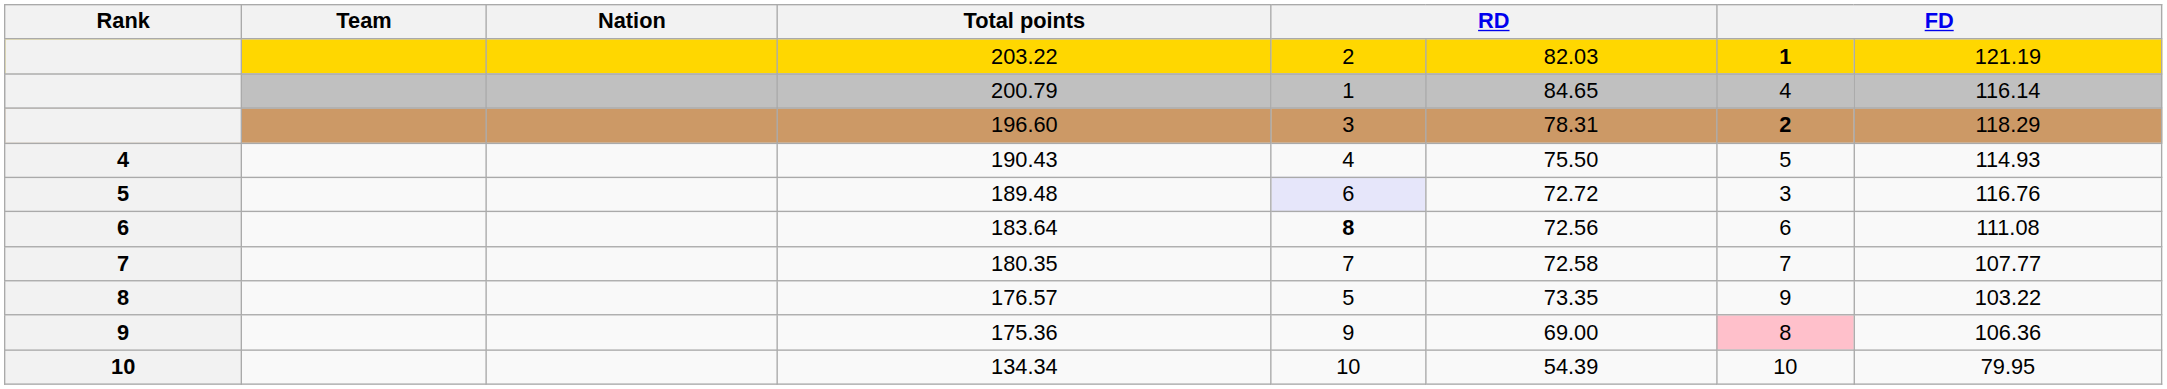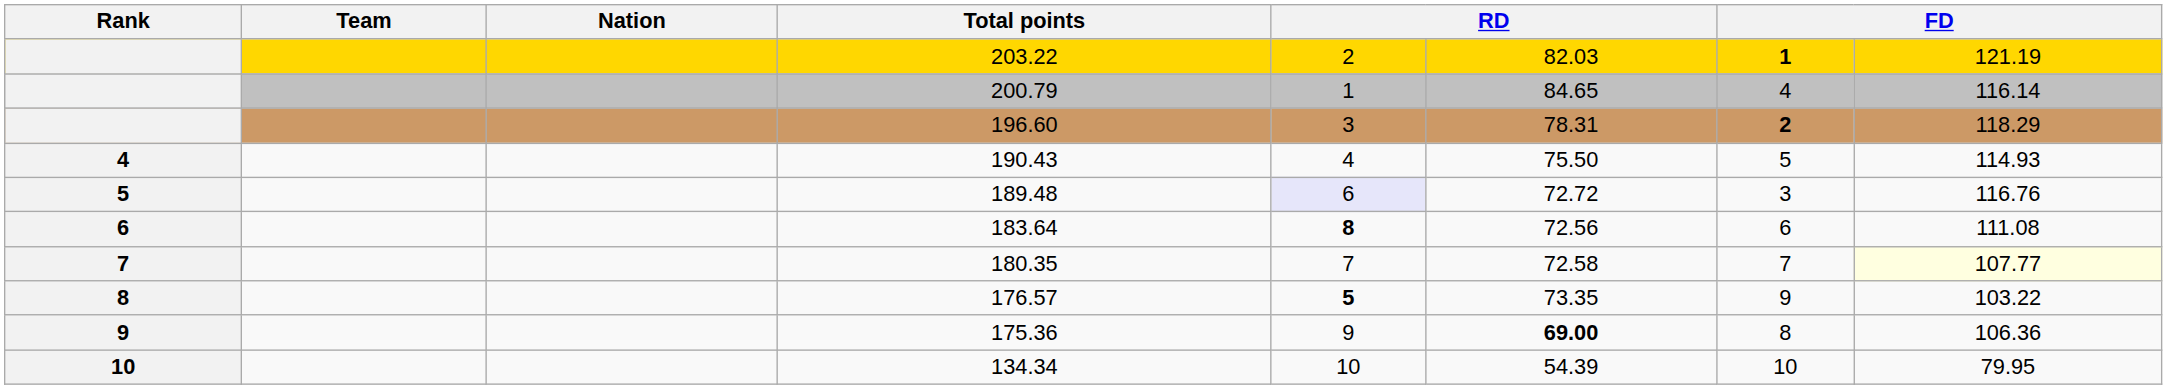 <table class="wikitable sortable" style="text-align:center;" width="80%">
 <tr>
 <th scope="col">Rank</th>
 <th scope="col">Team</th>
 <th scope="col">Nation</th>
 <th scope="col">Total points</th>
 <th scope="col" colspan="2" width="80px"><a href='#'>RD</a></th>
 <th scope="col" colspan="2" width="80px"><a href='#'>FD</a></th>
 </tr>
 <tr bgcolor="gold">
 <th scope="row"></th>
 <td align="left"></td>
 <td align="left"></td>
 <td>203.22</td>
 <td>2</td>
 <td>82.03</td>
 <td><strong>1</strong></td>
 <td>121.19</td>
 </tr>
 <tr bgcolor="silver">
 <th scope="row"></th>
 <td align="left"></td>
 <td align="left"></td>
 <td>200.79</td>
 <td>1</td>
 <td>84.65</td>
 <td>4</td>
 <td>116.14</td>
 </tr>
 <tr bgcolor="cc9966">
 <th scope="row"></th>
 <td align="left"></td>
 <td align="left"></td>
 <td>196.60</td>
 <td>3</td>
 <td>78.31</td>
 <td><strong>2</strong></td>
 <td>118.29</td>
 </tr>
 <tr>
 <th scope="row">4</th>
 <td align="left"></td>
 <td align="left"></td>
 <td>190.43</td>
 <td>4</td>
 <td>75.50</td>
 <td>5</td>
 <td>114.93</td>
 </tr>
 <tr>
 <th scope="row">5</th>
 <td align="left"></td>
 <td align="left"></td>
 <td>189.48</td>
 <td style="background: lavender;">6</td>
 <td>72.72</td>
 <td>3</td>
 <td>116.76</td>
 </tr>
 <tr>
 <th scope="row">6</th>
 <td align="left"></td>
 <td align="left"></td>
 <td>183.64</td>
 <td><strong>8</strong></td>
 <td>72.56</td>
 <td>6</td>
 <td>111.08</td>
 </tr>
 <tr>
 <th scope="row">7</th>
 <td align="left"></td>
 <td align="left"></td>
 <td>180.35</td>
 <td>7</td>
 <td>72.58</td>
 <td>7</td>
-<td>107.77</td>
+<td style="background: lightyellow;">107.77</td>
 </tr>
 <tr>
 <th scope="row">8</th>
 <td align="left"></td>
 <td align="left"></td>
 <td>176.57</td>
-<td>5</td>
+<td><strong>5</strong></td>
 <td>73.35</td>
 <td>9</td>
 <td>103.22</td>
 </tr>
 <tr>
 <th scope="row">9</th>
 <td align="left"></td>
 <td align="left"></td>
 <td>175.36</td>
 <td>9</td>
-<td>69.00</td>
-<td style="background: pink;">8</td>
+<td><strong>69.00</strong></td>
+<td>8</td>
 <td>106.36</td>
 </tr>
 <tr>
 <th scope="row">10</th>
 <td align="left"></td>
 <td align="left"></td>
 <td>134.34</td>
 <td>10</td>
 <td>54.39</td>
 <td>10</td>
 <td>79.95</td>
 </tr>
 </table>
